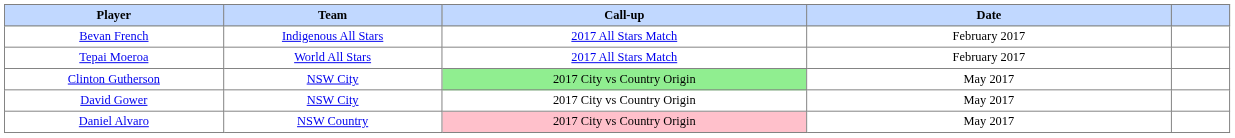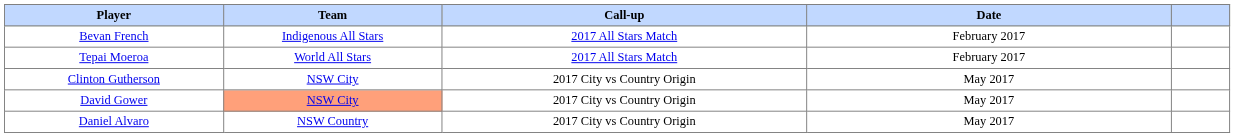 <table border="1" cellpadding="3" cellspacing="0" style="border-collapse:collapse; font-size:80%; text-align:center; width:100%;">
 <tr style="background:#bdb76b;">
 </tr>
 <tr bgcolor=#bdb76b>
 <th style="background:#c1d8ff; text-align:center; width:15%;">Player</th>
 <th style="background:#c1d8ff; text-align:center; width:15%;">Team</th>
 <th style="background:#c1d8ff; text-align:center; width:25%;">Call-up</th>
 <th style="background:#c1d8ff; text-align:center; width:25%;">Date</th>
 <th style="background:#c1d8ff; text-align:center; width:4%;"></th>
 </tr>
 <tr>
 <td><a href='#'>Bevan French</a></td>
 <td><a href='#'>Indigenous All Stars</a></td>
 <td><a href='#'>2017 All Stars Match</a></td>
 <td>February 2017</td>
 <td></td>
 </tr>
 <tr>
 <td><a href='#'>Tepai Moeroa</a></td>
 <td><a href='#'>World All Stars</a></td>
 <td><a href='#'>2017 All Stars Match</a></td>
 <td>February 2017</td>
 <td></td>
 </tr>
 <tr>
 <td><a href='#'>Clinton Gutherson</a></td>
 <td> <a href='#'>NSW City</a></td>
-<td style="background: lightgreen;">2017 City vs Country Origin</td>
+<td>2017 City vs Country Origin</td>
 <td>May 2017</td>
 <td></td>
 </tr>
 <tr>
 <td><a href='#'>David Gower</a></td>
-<td> <a href='#'>NSW City</a></td>
+<td style="background: lightsalmon;"> <a href='#'>NSW City</a></td>
 <td>2017 City vs Country Origin</td>
 <td>May 2017</td>
 <td></td>
 </tr>
 <tr>
 <td><a href='#'>Daniel Alvaro</a></td>
 <td> <a href='#'>NSW Country</a></td>
-<td style="background: pink;">2017 City vs Country Origin</td>
+<td>2017 City vs Country Origin</td>
 <td>May 2017</td>
 <td></td>
 </tr>
 </table>
